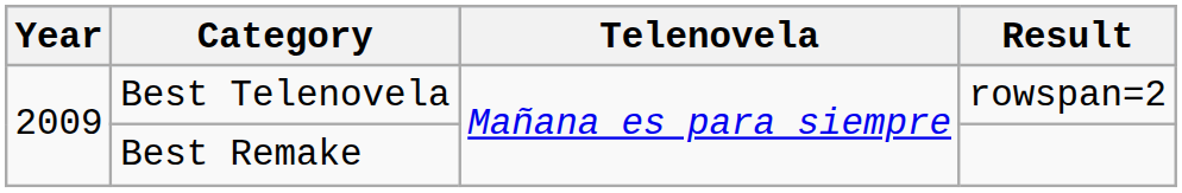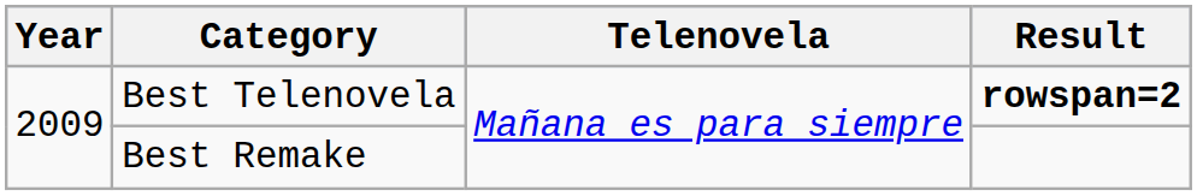 <table class="wikitable">
 <tr style="background:#b0c4de;">
 <th>Year</th>
 <th>Category</th>
 <th>Telenovela</th>
 <th>Result</th>
 </tr>
 <tr>
 <td rowspan=2>2009</td>
 <td>Best Telenovela</td>
 <td rowspan=2><em><a href='#'>Mañana es para siempre</a></em></td>
-<td>rowspan=2 </td>
+<td><strong>rowspan=2 </strong></td>
 </tr>
 <tr>
 <td>Best Remake</td>
 </tr>
 </table>
